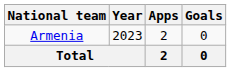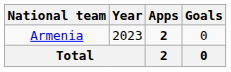 <table class="wikitable" style="text-align:center">
 <tr>
 <th>National team</th>
 <th>Year</th>
 <th>Apps</th>
 <th>Goals</th>
 </tr>
 <tr>
 <td rowspan="1"><a href='#'>Armenia</a></td>
 <td>2023</td>
-<td>2</td>
+<td><strong>2</strong></td>
 <td>0</td>
 </tr>
 <tr>
 <th colspan="2">Total</th>
 <th>2</th>
 <th>0</th>
 </tr>
 </table>
